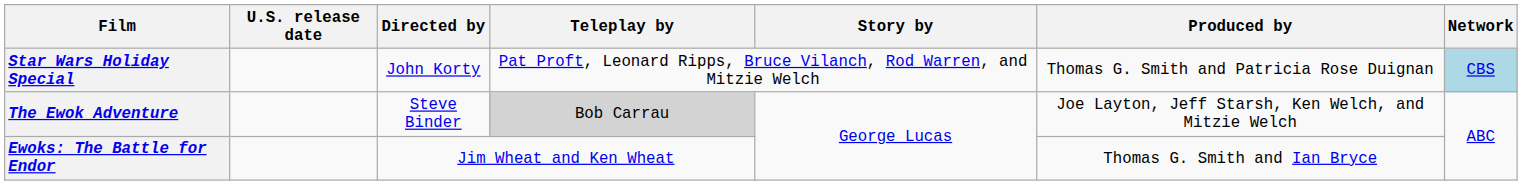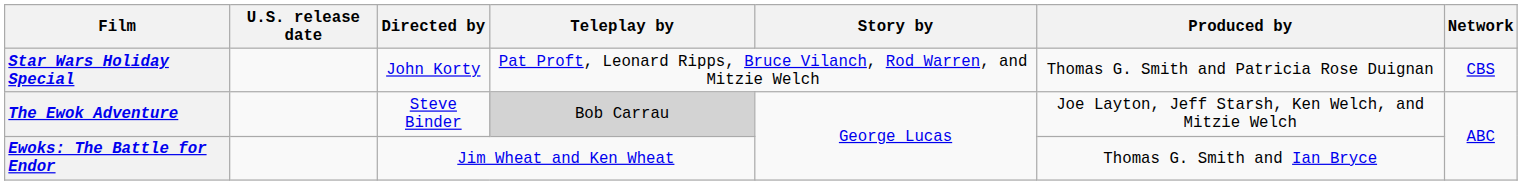 <table class="wikitable plainrowheaders" style="text-align:center; width:99%;">
 <tr>
 <th>Film</th>
 <th>U.S. release date</th>
 <th>Directed by</th>
 <th>Teleplay by</th>
 <th>Story by</th>
 <th>Produced by</th>
 <th>Network</th>
 </tr>
 <tr>
 <th scope="row" style="text-align:left"><em><a href='#'>Star Wars Holiday Special</a></em></th>
 <td style="text-align:left"></td>
 <td><a href='#'>John Korty</a></td>
 <td colspan="2"><a href='#'>Pat Proft</a>, Leonard Ripps, <a href='#'>Bruce Vilanch</a>, <a href='#'>Rod Warren</a>, and Mitzie Welch</td>
 <td>Thomas G. Smith and Patricia Rose Duignan</td>
-<td style="background: lightblue;"><a href='#'>CBS</a></td>
+<td><a href='#'>CBS</a></td>
 </tr>
 <tr>
 <th scope="row" style="text-align:left"><em><a href='#'>The Ewok Adventure</a></em></th>
 <td style="text-align:left"></td>
 <td><a href='#'>Steve Binder</a></td>
 <td style="background: lightgrey;">Bob Carrau</td>
 <td rowspan="2"><a href='#'>George Lucas</a></td>
 <td>Joe Layton, Jeff Starsh, Ken Welch, and Mitzie Welch</td>
 <td rowspan="2"><a href='#'>ABC</a></td>
 </tr>
 <tr>
 <th scope="row" style="text-align:left"><em><a href='#'>Ewoks: The Battle for Endor</a></em></th>
 <td style="text-align:left"></td>
 <td colspan="2"><a href='#'>Jim Wheat and Ken Wheat</a></td>
 <td>Thomas G. Smith and <a href='#'>Ian Bryce</a></td>
 </tr>
 </table>
